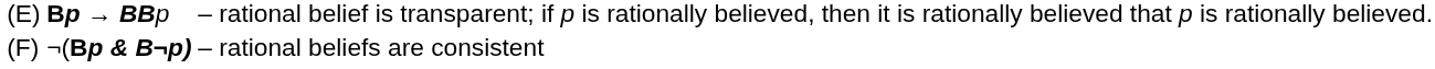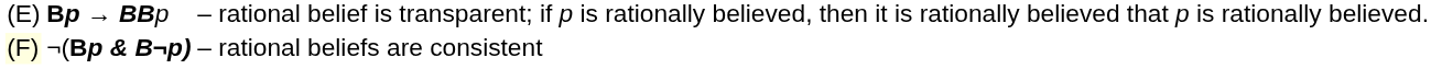 <table>
 <tr>
 <td>(E)</td>
 <td><strong>B<strong><em>p<em> → </strong>BB</em></strong>p</em></td>
 <td>– rational belief is transparent; if <em>p</em> is rationally believed, then it is rationally believed that <em>p</em> is rationally believed.</td>
 </tr>
 <tr>
-<td>(F)</td>
+<td style="background: lightyellow;">(F)</td>
 <td>¬(<strong>B<strong><em>p<em> & </strong>B<strong>¬</em>p<em>)</td>
 <td>– rational beliefs are consistent</td>
 </tr>
 </table>
